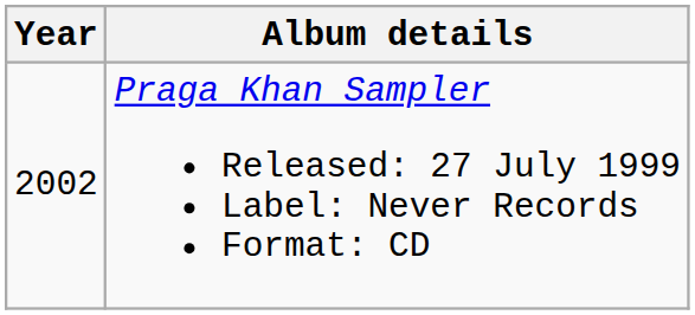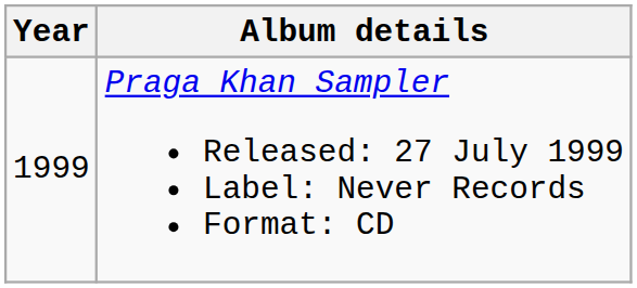 <table class="wikitable">
 <tr>
 <th>Year</th>
 <th>Album details</th>
 </tr>
 <tr>
-<td>2002</td>
+<td>1999</td>
 <td align="left"><em><a href='#'>Praga Khan Sampler</a></em><br><ul><li>Released: 27 July 1999</li><li>Label: Never Records</li><li>Format: CD</li></ul></td>
 </tr>
 </table>
